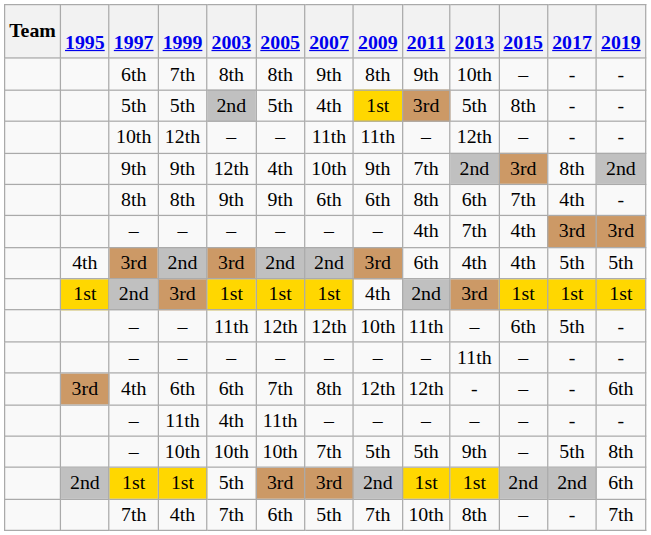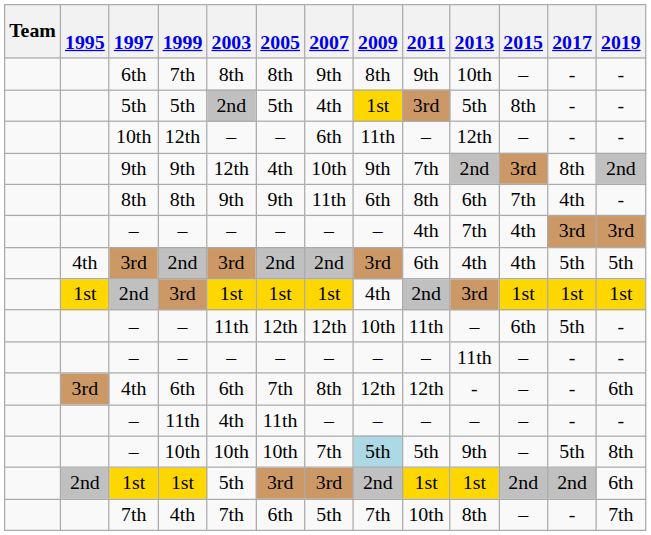 <table class="wikitable" style="text-align: center">
 <tr>
 <th>Team</th>
 <th><br><a href='#'>1995</a></th>
 <th><br><a href='#'>1997</a></th>
 <th><br><a href='#'>1999</a></th>
 <th><br><a href='#'>2003</a></th>
 <th><br><a href='#'>2005</a></th>
 <th><br><a href='#'>2007</a></th>
 <th><br><a href='#'>2009</a></th>
 <th><br><a href='#'>2011</a></th>
 <th><br><a href='#'>2013</a></th>
 <th><br><a href='#'>2015</a></th>
 <th><br><a href='#'>2017</a></th>
 <th><br><a href='#'>2019</a></th>
 </tr>
 <tr>
 <td align=left></td>
 <td></td>
 <td>6th</td>
 <td>7th</td>
 <td>8th</td>
 <td>8th</td>
 <td>9th</td>
 <td>8th</td>
 <td>9th</td>
 <td>10th</td>
 <td>–</td>
 <td>-</td>
 <td>-</td>
 </tr>
 <tr>
 <td align=left></td>
 <td></td>
 <td>5th</td>
 <td>5th</td>
 <td bgcolor=silver>2nd</td>
 <td>5th</td>
 <td>4th</td>
 <td bgcolor=gold>1st</td>
 <td bgcolor=cc9966>3rd</td>
 <td>5th</td>
 <td>8th</td>
 <td>-</td>
 <td>-</td>
 </tr>
 <tr>
 <td align=left></td>
 <td></td>
 <td>10th</td>
 <td>12th</td>
 <td>–</td>
 <td>–</td>
-<td>11th</td>
+<td>6th</td>
 <td>11th</td>
 <td>–</td>
 <td>12th</td>
 <td>–</td>
 <td>-</td>
 <td>-</td>
 </tr>
 <tr>
 <td align=left></td>
 <td></td>
 <td>9th</td>
 <td>9th</td>
 <td>12th</td>
 <td>4th</td>
 <td>10th</td>
 <td>9th</td>
 <td>7th</td>
 <td bgcolor=silver>2nd</td>
 <td bgcolor=cc9966>3rd</td>
 <td>8th</td>
 <td bgcolor=silver>2nd</td>
 </tr>
 <tr>
 <td align=left></td>
 <td></td>
 <td>8th</td>
 <td>8th</td>
 <td>9th</td>
 <td>9th</td>
-<td>6th</td>
+<td>11th</td>
 <td>6th</td>
 <td>8th</td>
 <td>6th</td>
 <td>7th</td>
 <td>4th</td>
 <td>-</td>
 </tr>
 <tr>
 <td align=left></td>
 <td></td>
 <td>–</td>
 <td>–</td>
 <td>–</td>
 <td>–</td>
 <td>–</td>
 <td>–</td>
 <td>4th</td>
 <td>7th</td>
 <td>4th</td>
 <td bgcolor=cc9966>3rd</td>
 <td bgcolor=cc9966>3rd</td>
 </tr>
 <tr>
 <td align=left></td>
 <td>4th</td>
 <td bgcolor=cc9966>3rd</td>
 <td bgcolor=silver>2nd</td>
 <td bgcolor=cc9966>3rd</td>
 <td bgcolor=silver>2nd</td>
 <td bgcolor=silver>2nd</td>
 <td bgcolor=cc9966>3rd</td>
 <td>6th</td>
 <td>4th</td>
 <td>4th</td>
 <td>5th</td>
 <td>5th</td>
 </tr>
 <tr>
 <td align=left></td>
 <td bgcolor=gold>1st</td>
 <td bgcolor=silver>2nd</td>
 <td bgcolor=cc9966>3rd</td>
 <td bgcolor=gold>1st</td>
 <td bgcolor=gold>1st</td>
 <td bgcolor=gold>1st</td>
 <td>4th</td>
 <td bgcolor=silver>2nd</td>
 <td bgcolor=cc9966>3rd</td>
 <td bgcolor=gold>1st</td>
 <td bgcolor=gold>1st</td>
 <td bgcolor=gold>1st</td>
 </tr>
 <tr>
 <td align=left></td>
 <td></td>
 <td>–</td>
 <td>–</td>
 <td>11th</td>
 <td>12th</td>
 <td>12th</td>
 <td>10th</td>
 <td>11th</td>
 <td>–</td>
 <td>6th</td>
 <td>5th</td>
 <td>-</td>
 </tr>
 <tr>
 <td align=left></td>
 <td></td>
 <td>–</td>
 <td>–</td>
 <td>–</td>
 <td>–</td>
 <td>–</td>
 <td>–</td>
 <td>–</td>
 <td>11th</td>
 <td>–</td>
 <td>-</td>
 <td>-</td>
 </tr>
 <tr>
 <td align=left></td>
 <td bgcolor=cc9966>3rd</td>
 <td>4th</td>
 <td>6th</td>
 <td>6th</td>
 <td>7th</td>
 <td>8th</td>
 <td>12th</td>
 <td>12th</td>
 <td>-</td>
 <td>–</td>
 <td>-</td>
 <td>6th</td>
 </tr>
 <tr>
 <td align=left></td>
 <td></td>
 <td>–</td>
 <td>11th</td>
 <td>4th</td>
 <td>11th</td>
 <td>–</td>
 <td>–</td>
 <td>–</td>
 <td>–</td>
 <td>–</td>
 <td>-</td>
 <td>-</td>
 </tr>
 <tr>
 <td align=left></td>
 <td></td>
 <td>–</td>
 <td>10th</td>
 <td>10th</td>
 <td>10th</td>
 <td>7th</td>
-<td>5th</td>
+<td style="background: lightblue;">5th</td>
 <td>5th</td>
 <td>9th</td>
 <td>–</td>
 <td>5th</td>
 <td>8th</td>
 </tr>
 <tr>
 <td align=left></td>
 <td bgcolor=silver>2nd</td>
 <td bgcolor=gold>1st</td>
 <td bgcolor=gold>1st</td>
 <td>5th</td>
 <td bgcolor=cc9966>3rd</td>
 <td bgcolor=cc9966>3rd</td>
 <td bgcolor=silver>2nd</td>
 <td bgcolor=gold>1st</td>
 <td bgcolor=gold>1st</td>
 <td bgcolor=silver>2nd</td>
 <td bgcolor=silver>2nd</td>
 <td>6th</td>
 </tr>
 <tr>
 <td align=left></td>
 <td></td>
 <td>7th</td>
 <td>4th</td>
 <td>7th</td>
 <td>6th</td>
 <td>5th</td>
 <td>7th</td>
 <td>10th</td>
 <td>8th</td>
 <td>–</td>
 <td>-</td>
 <td>7th</td>
 </tr>
 </table>
